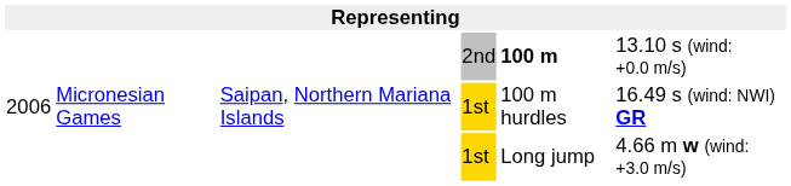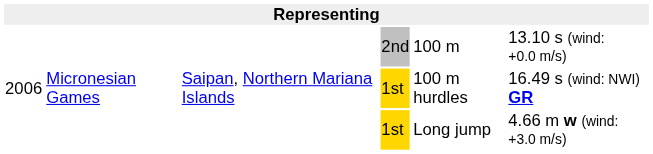 <table>
 <tr>
 <th bgcolor="#eeeeee" colspan="6">Representing </th>
 </tr>
 <tr>
 <td rowspan=3>2006</td>
 <td rowspan=3><a href='#'>Micronesian Games</a></td>
 <td rowspan=3><a href='#'>Saipan</a>, <a href='#'>Northern Mariana Islands</a></td>
 <td bgcolor=silver>2nd</td>
-<td><strong>100 m</strong></td>
+<td>100 m</td>
 <td>13.10 s <small>(wind: +0.0 m/s)</small></td>
 </tr>
 <tr>
 <td bgcolor=gold>1st</td>
 <td>100 m hurdles</td>
 <td>16.49 s <small>(wind: NWI)</small> <strong><a href='#'>GR</a></strong></td>
 </tr>
 <tr>
 <td bgcolor=gold>1st</td>
 <td>Long jump</td>
 <td>4.66 m <strong>w</strong> <small>(wind: +3.0 m/s)</small></td>
 </tr>
 </table>
